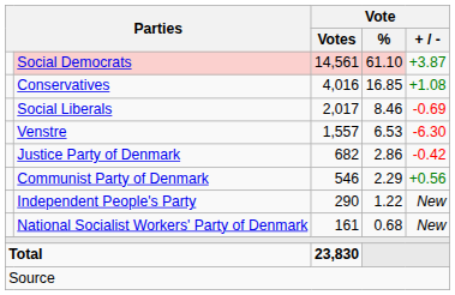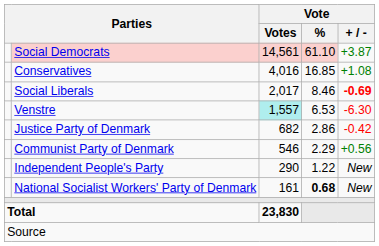 <table class="wikitable" style="text-align:right;">
 <tr>
 <th style="text-align:centre;" rowspan="2" colspan="2" width="225">Parties</th>
 <th colspan="3">Vote</th>
 </tr>
 <tr>
 <th width="15">Votes</th>
 <th width="15">%</th>
 <th width="15">+ / -</th>
 </tr>
 <tr>
 <td width="2" style="color:inherit;background:"></td>
 <td bgcolor=#fbd0ce  align="left"><a href='#'>Social Democrats</a></td>
 <td bgcolor=#fbd0ce>14,561</td>
 <td bgcolor=#fbd0ce>61.10</td>
 <td style=color:green;>+3.87</td>
 </tr>
 <tr>
 <td width="2" style="color:inherit;background:"></td>
 <td align="left"><a href='#'>Conservatives</a></td>
 <td>4,016</td>
 <td>16.85</td>
 <td style=color:green;>+1.08</td>
 </tr>
 <tr>
 <td width="2" style="color:inherit;background:"></td>
 <td align="left"><a href='#'>Social Liberals</a></td>
 <td>2,017</td>
 <td>8.46</td>
-<td style=color:red;>-0.69</td>
+<td style=color:red;><strong>-0.69</strong></td>
 </tr>
 <tr>
 <td width="2" style="color:inherit;background:"></td>
 <td align="left"><a href='#'>Venstre</a></td>
-<td>1,557</td>
+<td style="background: paleturquoise;">1,557</td>
 <td>6.53</td>
 <td style=color:red;>-6.30</td>
 </tr>
 <tr>
 <td width="2" style="color:inherit;background:"></td>
 <td align="left"><a href='#'>Justice Party of Denmark</a></td>
 <td>682</td>
 <td>2.86</td>
 <td style=color:red;>-0.42</td>
 </tr>
 <tr>
 <td width="2" style="color:inherit;background:"></td>
 <td align="left"><a href='#'>Communist Party of Denmark</a></td>
 <td>546</td>
 <td>2.29</td>
 <td style=color:green;>+0.56</td>
 </tr>
 <tr>
 <td width="2" style="color:inherit;background:"></td>
 <td align="left"><a href='#'>Independent People's Party</a></td>
 <td>290</td>
 <td>1.22</td>
 <td><em>New</em></td>
 </tr>
 <tr>
 <td width="2" style="color:inherit;background:"></td>
 <td align="left"><a href='#'>National Socialist Workers' Party of Denmark</a></td>
 <td>161</td>
-<td>0.68</td>
+<td><strong>0.68</strong></td>
 <td><em>New</em></td>
 </tr>
 <tr>
 <td colspan="7" bgcolor="#E9E9E9"></td>
 </tr>
 <tr>
 <td align="left" colspan="2"><strong>Total</strong></td>
 <td><strong>23,830</strong></td>
 <td bgcolor="#E9E9E9" colspan="2"></td>
 </tr>
 <tr>
 <td align="left" colspan="6">Source</td>
 </tr>
 </table>
